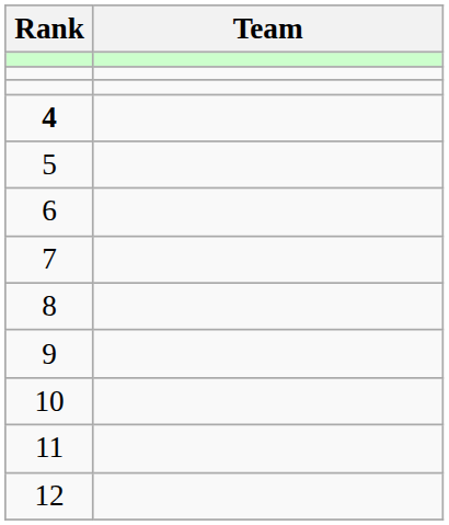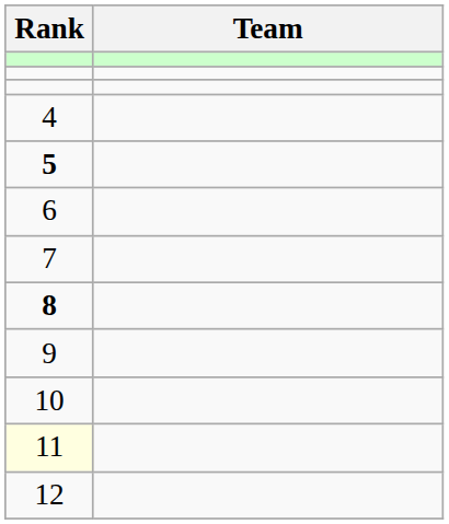 <table class="wikitable" style="text-align:center;">
 <tr>
 <th width=40>Rank</th>
 <th width=180>Team</th>
 </tr>
 <tr bgcolor=#ccffcc>
 <td></td>
 <td style="text-align:left;"></td>
 </tr>
 <tr>
 <td></td>
 <td style="text-align:left;"></td>
 </tr>
 <tr>
 <td></td>
 <td style="text-align:left;"></td>
 </tr>
 <tr>
-<td><strong>4</strong></td>
+<td>4</td>
 <td style="text-align:left;"></td>
 </tr>
 <tr>
-<td>5</td>
+<td><strong>5</strong></td>
 <td style="text-align:left;"></td>
 </tr>
 <tr>
 <td>6</td>
 <td style="text-align:left;"></td>
 </tr>
 <tr>
 <td>7</td>
 <td style="text-align:left;"></td>
 </tr>
 <tr>
-<td>8</td>
+<td><strong>8</strong></td>
 <td style="text-align:left;"></td>
 </tr>
 <tr>
 <td>9</td>
 <td style="text-align:left;"></td>
 </tr>
 <tr>
 <td>10</td>
 <td style="text-align:left;"></td>
 </tr>
 <tr>
-<td>11</td>
+<td style="background: lightyellow;">11</td>
 <td style="text-align:left;"></td>
 </tr>
 <tr>
 <td>12</td>
 <td style="text-align:left;"></td>
 </tr>
 </table>
